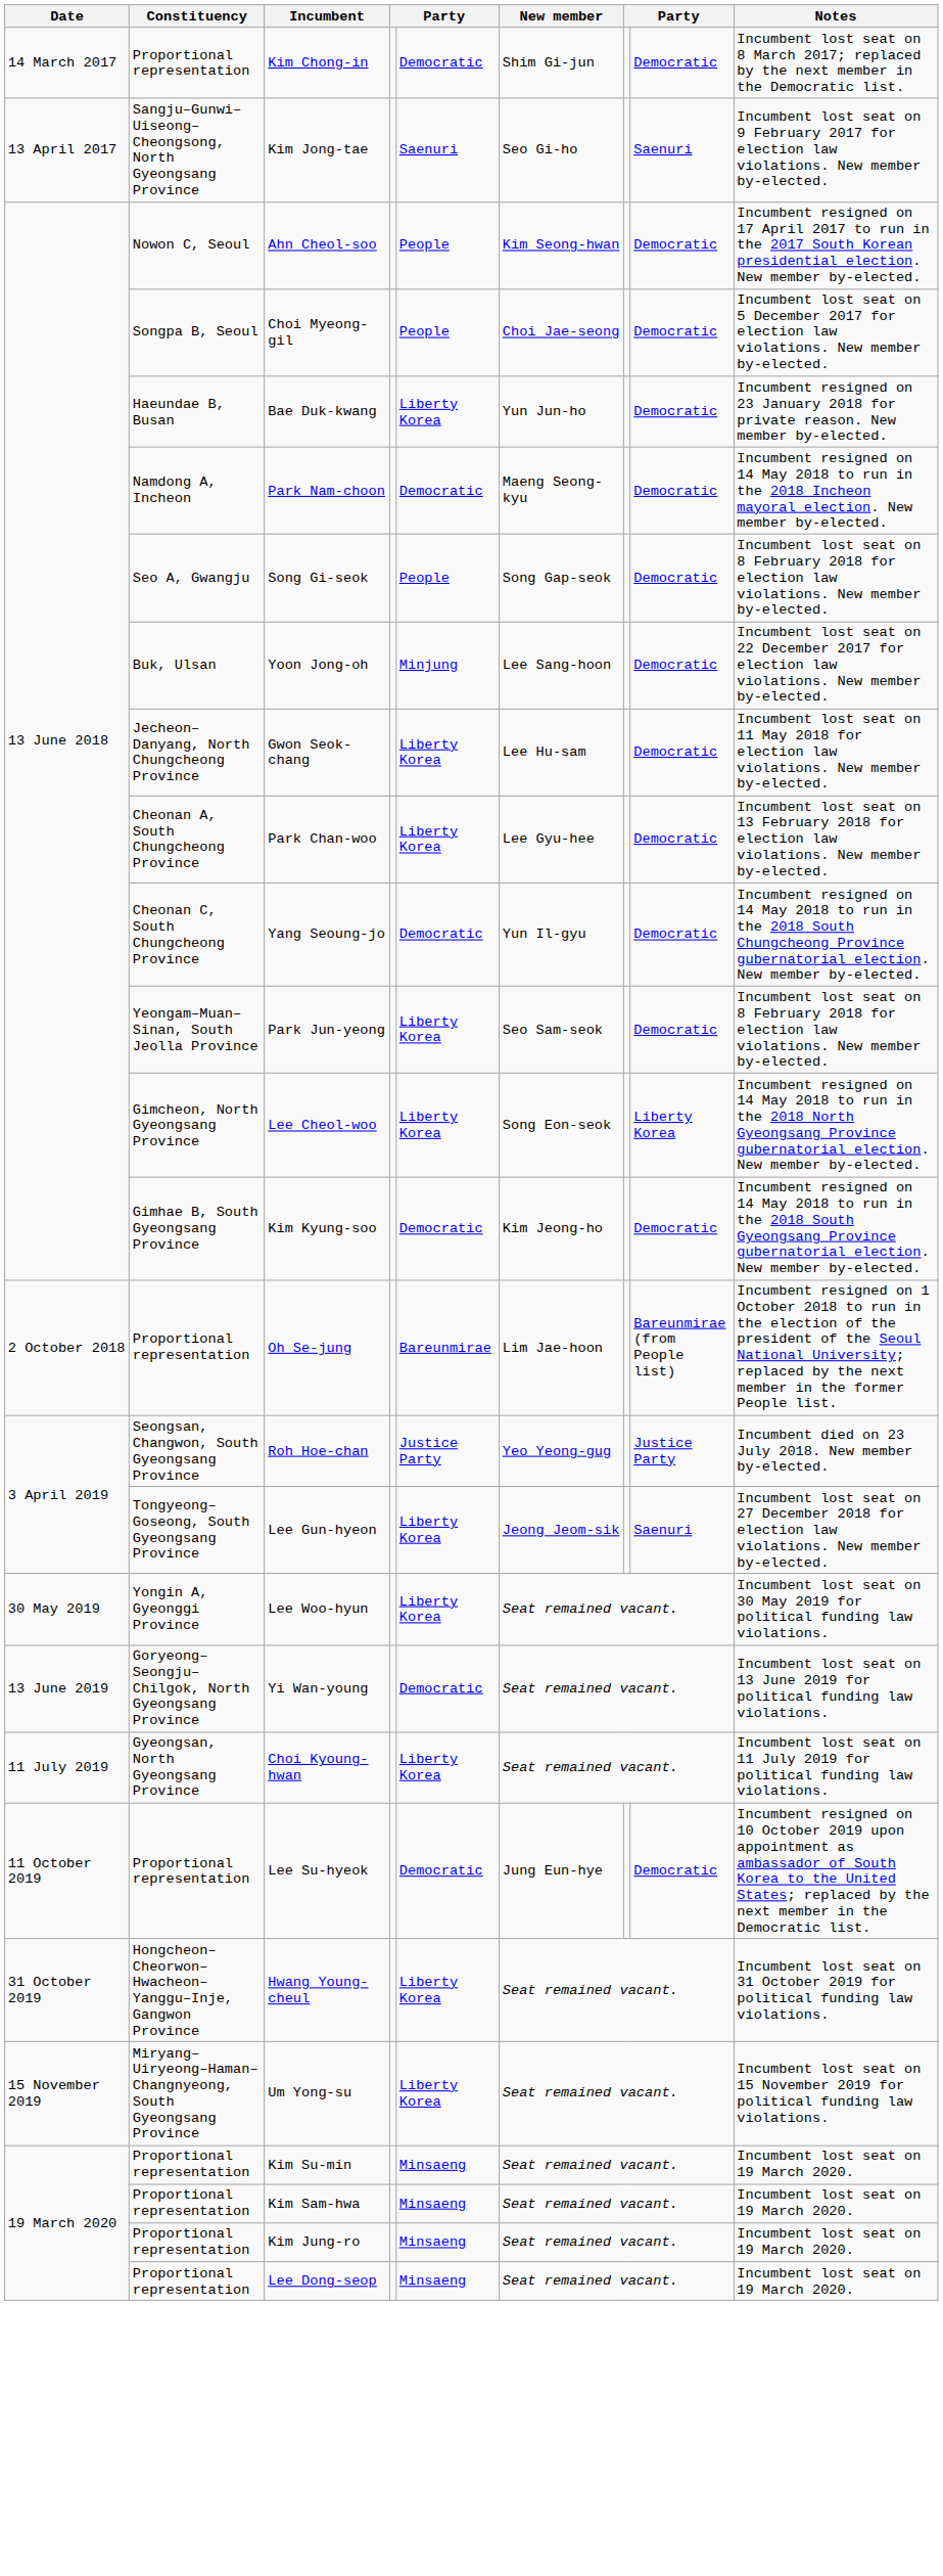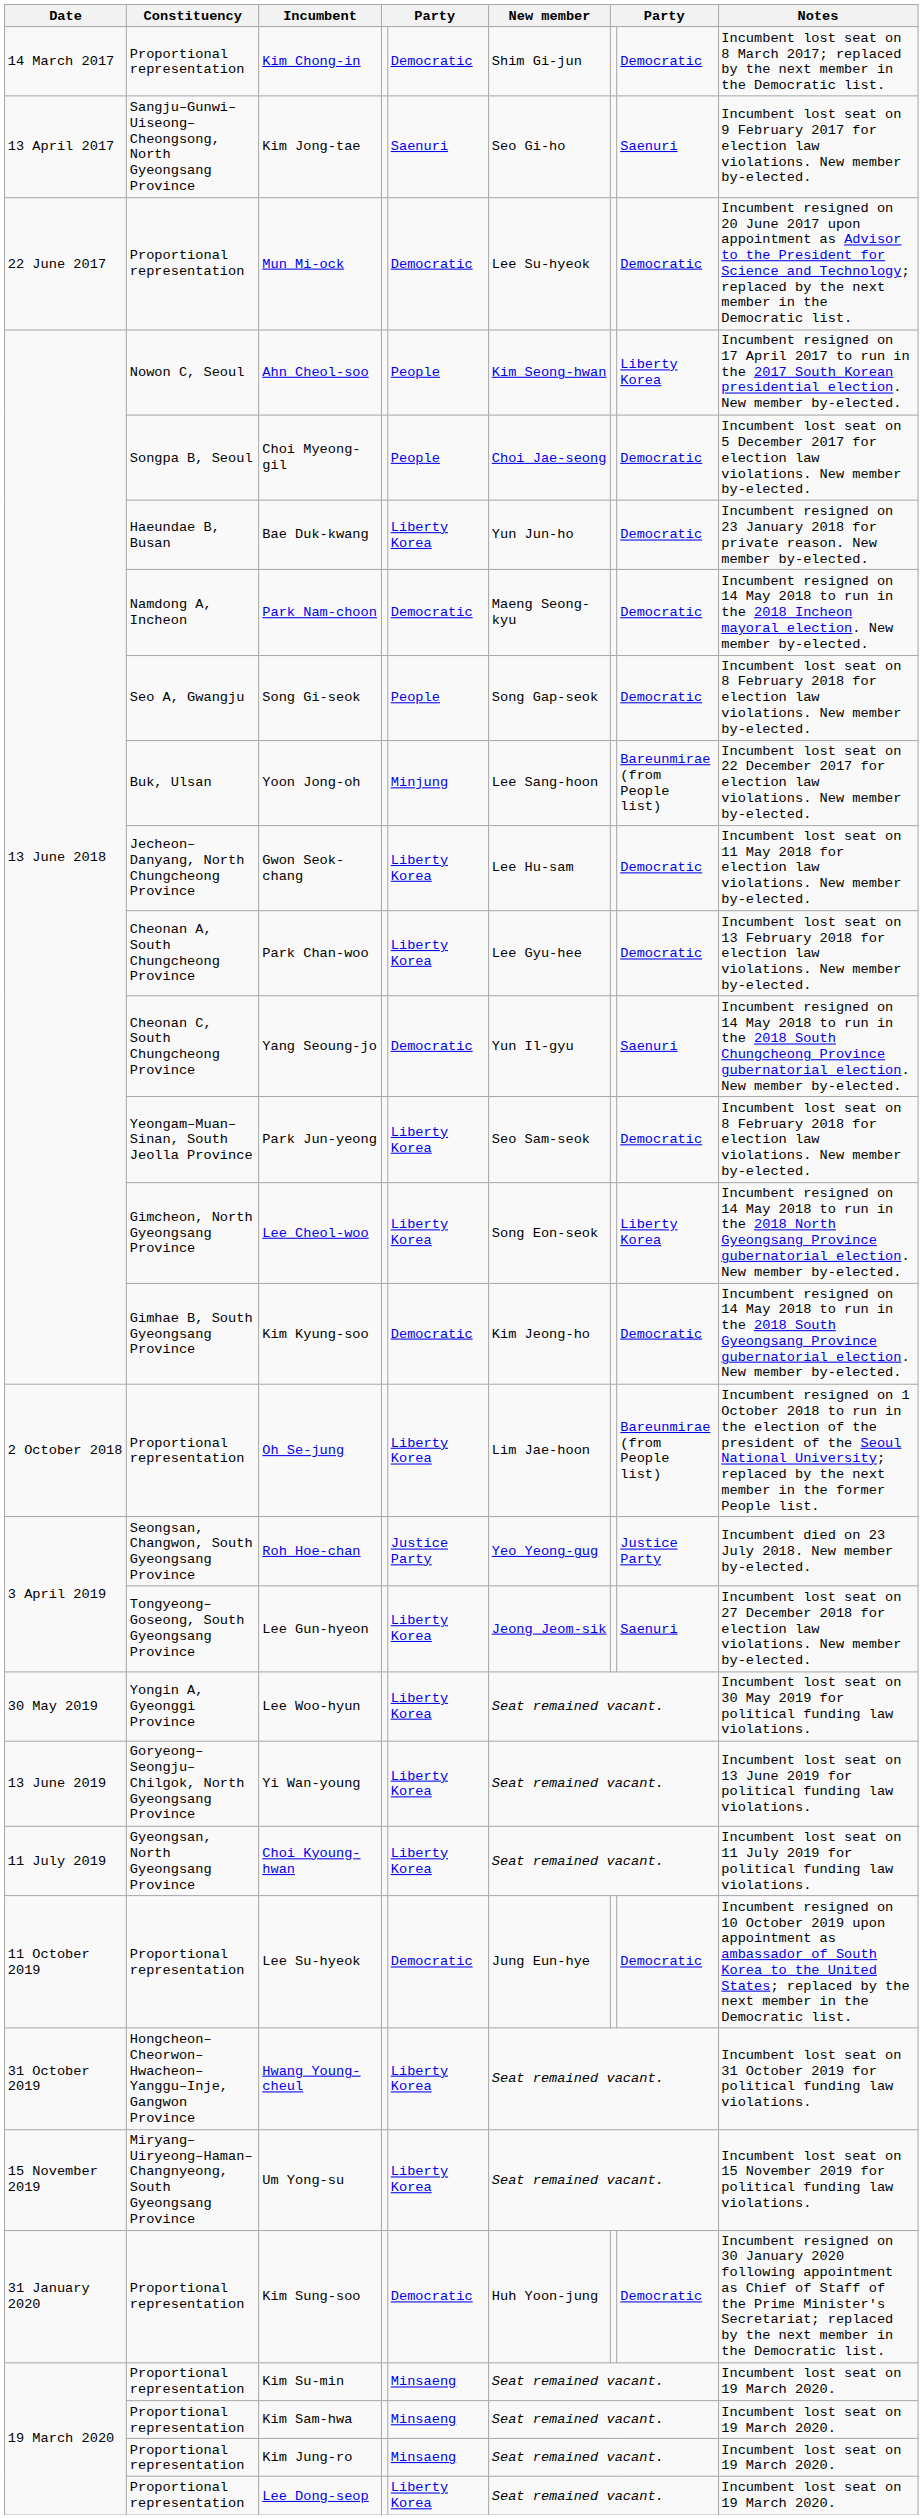 <table class="wikitable sortable plainrowheaders">
 <tr>
 <th width="110px">Date</th>
 <th width="120px">Constituency</th>
 <th width="110px">Incumbent</th>
 <th colspan="2">Party</th>
 <th width="110px">New member</th>
 <th colspan="2">Party</th>
 <th class="unsortable">Notes</th>
 </tr>
 <tr>
 <td>14 March 2017</td>
 <td>Proportional representation</td>
 <td><a href='#'>Kim Chong-in</a></td>
 <td style="background:"></td>
 <td><a href='#'>Democratic</a></td>
 <td>Shim Gi-jun</td>
 <td style="background:"></td>
 <td><a href='#'>Democratic</a></td>
 <td>Incumbent lost seat on 8 March 2017; replaced by the next member in the Democratic list.</td>
 </tr>
 <tr>
 <td>13 April 2017</td>
 <td>Sangju–Gunwi–Uiseong–Cheongsong, North Gyeongsang Province</td>
 <td>Kim Jong-tae</td>
 <td style="background:"></td>
 <td width="90px"><a href='#'>Saenuri</a></td>
 <td>Seo Gi-ho</td>
 <td style="background:"></td>
 <td width="90px"><a href='#'>Saenuri</a></td>
 <td>Incumbent lost seat on 9 February 2017 for election law violations. New member by-elected.</td>
 </tr>
 <tr>
+<td>22 June 2017</td>
+<td>Proportional representation</td>
+<td><a href='#'>Mun Mi-ock</a></td>
+<td style="background:"></td>
+<td><a href='#'>Democratic</a></td>
+<td>Lee Su-hyeok</td>
+<td style="background:"></td>
+<td><a href='#'>Democratic</a></td>
+<td>Incumbent resigned on 20 June 2017 upon appointment as <a href='#'>Advisor to the President for Science and Technology</a>; replaced by the next member in the Democratic list.</td>
+</tr>
+<tr>
 <td rowspan="12">13 June 2018</td>
 <td>Nowon C, Seoul</td>
 <td><a href='#'>Ahn Cheol-soo</a></td>
 <td style="background:"></td>
 <td><a href='#'>People</a></td>
 <td><a href='#'>Kim Seong-hwan</a></td>
 <td style="background:"></td>
-<td><a href='#'>Democratic</a></td>
+<td><a href='#'>Liberty Korea</a></td>
 <td>Incumbent resigned on 17 April 2017 to run in the <a href='#'>2017 South Korean presidential election</a>. New member by-elected.</td>
 </tr>
 <tr>
 <td>Songpa B, Seoul</td>
 <td>Choi Myeong-gil</td>
 <td style="background:"></td>
 <td><a href='#'>People</a></td>
 <td><a href='#'>Choi Jae-seong</a></td>
 <td style="background:"></td>
 <td><a href='#'>Democratic</a></td>
 <td>Incumbent lost seat on 5 December 2017 for election law violations. New member by-elected.</td>
 </tr>
 <tr>
 <td>Haeundae B, Busan</td>
 <td>Bae Duk-kwang</td>
 <td style="background:"></td>
 <td><a href='#'>Liberty Korea</a></td>
 <td>Yun Jun-ho</td>
 <td style="background:"></td>
 <td><a href='#'>Democratic</a></td>
 <td>Incumbent resigned on 23 January 2018 for private reason. New member by-elected.</td>
 </tr>
 <tr>
 <td>Namdong A, Incheon</td>
 <td><a href='#'>Park Nam-choon</a></td>
 <td style="background:"></td>
 <td><a href='#'>Democratic</a></td>
 <td>Maeng Seong-kyu</td>
 <td style="background:"></td>
 <td><a href='#'>Democratic</a></td>
 <td>Incumbent resigned on 14 May 2018 to run in the <a href='#'>2018 Incheon mayoral election</a>. New member by-elected.</td>
 </tr>
 <tr>
 <td>Seo A, Gwangju</td>
 <td>Song Gi-seok</td>
 <td style="background:"></td>
 <td><a href='#'>People</a></td>
 <td>Song Gap-seok</td>
 <td style="background:"></td>
 <td><a href='#'>Democratic</a></td>
 <td>Incumbent lost seat on 8 February 2018 for election law violations. New member by-elected.</td>
 </tr>
 <tr>
 <td>Buk, Ulsan</td>
 <td>Yoon Jong-oh</td>
 <td style="background:"></td>
 <td><a href='#'>Minjung</a></td>
 <td>Lee Sang-hoon</td>
 <td style="background:"></td>
-<td><a href='#'>Democratic</a></td>
+<td><a href='#'>Bareunmirae</a> (from People list)</td>
 <td>Incumbent lost seat on 22 December 2017 for election law violations. New member by-elected.</td>
 </tr>
 <tr>
 <td>Jecheon–Danyang, North Chungcheong Province</td>
 <td>Gwon Seok-chang</td>
 <td style="background:"></td>
 <td><a href='#'>Liberty Korea</a></td>
 <td>Lee Hu-sam</td>
 <td style="background:"></td>
 <td><a href='#'>Democratic</a></td>
 <td>Incumbent lost seat on 11 May 2018 for election law violations. New member by-elected.</td>
 </tr>
 <tr>
 <td>Cheonan A, South Chungcheong Province</td>
 <td>Park Chan-woo</td>
 <td style="background:"></td>
 <td><a href='#'>Liberty Korea</a></td>
 <td>Lee Gyu-hee</td>
 <td style="background:"></td>
 <td><a href='#'>Democratic</a></td>
 <td>Incumbent lost seat on 13 February 2018 for election law violations. New member by-elected.</td>
 </tr>
 <tr>
 <td>Cheonan C, South Chungcheong Province</td>
 <td>Yang Seoung-jo</td>
 <td style="background:"></td>
 <td><a href='#'>Democratic</a></td>
 <td>Yun Il-gyu</td>
 <td style="background:"></td>
-<td><a href='#'>Democratic</a></td>
+<td width="90px"><a href='#'>Saenuri</a></td>
 <td>Incumbent resigned on 14 May 2018 to run in the <a href='#'>2018 South Chungcheong Province gubernatorial election</a>. New member by-elected.</td>
 </tr>
 <tr>
 <td>Yeongam–Muan–Sinan, South Jeolla Province</td>
 <td>Park Jun-yeong</td>
 <td style="background:"></td>
 <td><a href='#'>Liberty Korea</a></td>
 <td>Seo Sam-seok</td>
 <td style="background:"></td>
 <td><a href='#'>Democratic</a></td>
 <td>Incumbent lost seat on 8 February 2018 for election law violations. New member by-elected.</td>
 </tr>
 <tr>
 <td>Gimcheon, North Gyeongsang Province</td>
 <td><a href='#'>Lee Cheol-woo</a></td>
 <td style="background:"></td>
 <td><a href='#'>Liberty Korea</a></td>
 <td>Song Eon-seok</td>
 <td style="background:"></td>
 <td><a href='#'>Liberty Korea</a></td>
 <td>Incumbent resigned on 14 May 2018 to run in the <a href='#'>2018 North Gyeongsang Province gubernatorial election</a>. New member by-elected.</td>
 </tr>
 <tr>
 <td>Gimhae B, South Gyeongsang Province</td>
 <td>Kim Kyung-soo</td>
 <td style="background:"></td>
 <td><a href='#'>Democratic</a></td>
 <td>Kim Jeong-ho</td>
 <td style="background:"></td>
 <td><a href='#'>Democratic</a></td>
 <td>Incumbent resigned on 14 May 2018 to run in the <a href='#'>2018 South Gyeongsang Province gubernatorial election</a>. New member by-elected.</td>
 </tr>
 <tr>
 <td>2 October 2018</td>
 <td>Proportional representation</td>
 <td><a href='#'>Oh Se-jung</a></td>
 <td style="background:"></td>
-<td><a href='#'>Bareunmirae</a></td>
+<td><a href='#'>Liberty Korea</a></td>
 <td>Lim Jae-hoon</td>
 <td style="background:"></td>
 <td><a href='#'>Bareunmirae</a> (from People list)</td>
 <td>Incumbent resigned on 1 October 2018 to run in the election of the president of the <a href='#'>Seoul National University</a>; replaced by the next member in the former People list.</td>
 </tr>
 <tr>
 <td rowspan="2">3 April 2019</td>
 <td>Seongsan, Changwon, South Gyeongsang Province</td>
 <td><a href='#'>Roh Hoe-chan</a></td>
 <td style="background:"></td>
 <td><a href='#'>Justice Party</a></td>
 <td><a href='#'>Yeo Yeong-gug</a></td>
 <td style="background:"></td>
 <td><a href='#'>Justice Party</a></td>
 <td>Incumbent died on 23 July 2018. New member by-elected.</td>
 </tr>
 <tr>
 <td>Tongyeong–Goseong, South Gyeongsang Province</td>
 <td>Lee Gun-hyeon</td>
 <td style="background:"></td>
 <td><a href='#'>Liberty Korea</a></td>
 <td><a href='#'>Jeong Jeom-sik</a></td>
 <td style="background:"></td>
 <td width="90px"><a href='#'>Saenuri</a></td>
 <td>Incumbent lost seat on 27 December 2018 for election law violations. New member by-elected.</td>
 </tr>
 <tr>
 <td>30 May 2019</td>
 <td>Yongin A, Gyeonggi Province</td>
 <td>Lee Woo-hyun</td>
 <td style="background:"></td>
 <td><a href='#'>Liberty Korea</a></td>
 <td colspan="3"><em>Seat remained vacant.</em></td>
 <td>Incumbent lost seat on 30 May 2019 for political funding law violations.</td>
 </tr>
 <tr>
 <td>13 June 2019</td>
 <td>Goryeong–Seongju–Chilgok, North Gyeongsang Province</td>
 <td>Yi Wan-young</td>
 <td style="background:"></td>
-<td><a href='#'>Democratic</a></td>
+<td><a href='#'>Liberty Korea</a></td>
 <td colspan="3"><em>Seat remained vacant.</em></td>
 <td>Incumbent lost seat on 13 June 2019 for political funding law violations.</td>
 </tr>
 <tr>
 <td>11 July 2019</td>
 <td>Gyeongsan, North Gyeongsang Province</td>
 <td><a href='#'>Choi Kyoung-hwan</a></td>
 <td style="background:"></td>
 <td><a href='#'>Liberty Korea</a></td>
 <td colspan="3"><em>Seat remained vacant.</em></td>
 <td>Incumbent lost seat on 11 July 2019 for political funding law violations.</td>
 </tr>
 <tr>
 <td>11 October 2019</td>
 <td>Proportional representation</td>
 <td>Lee Su-hyeok</td>
 <td style="background:"></td>
 <td><a href='#'>Democratic</a></td>
 <td>Jung Eun-hye</td>
 <td style="background:"></td>
 <td><a href='#'>Democratic</a></td>
 <td>Incumbent resigned on 10 October 2019 upon appointment as <a href='#'>ambassador of South Korea to the United States</a>; replaced by the next member in the Democratic list.</td>
 </tr>
 <tr>
 <td>31 October 2019</td>
 <td>Hongcheon–Cheorwon–Hwacheon–Yanggu–Inje, Gangwon Province</td>
 <td><a href='#'>Hwang Young-cheul</a></td>
 <td style="background:"></td>
 <td><a href='#'>Liberty Korea</a></td>
 <td colspan="3"><em>Seat remained vacant.</em></td>
 <td>Incumbent lost seat on 31 October 2019 for political funding law violations.</td>
 </tr>
 <tr>
 <td>15 November 2019</td>
 <td>Miryang–Uiryeong–Haman–Changnyeong, South Gyeongsang Province</td>
 <td>Um Yong-su</td>
 <td style="background:"></td>
 <td><a href='#'>Liberty Korea</a></td>
 <td colspan="3"><em>Seat remained vacant.</em></td>
 <td>Incumbent lost seat on 15 November 2019 for political funding law violations.</td>
 </tr>
 <tr>
+<td>31 January 2020</td>
+<td>Proportional representation</td>
+<td>Kim Sung-soo</td>
+<td style="background:"></td>
+<td><a href='#'>Democratic</a></td>
+<td>Huh Yoon-jung</td>
+<td style="background:"></td>
+<td><a href='#'>Democratic</a></td>
+<td>Incumbent resigned on 30 January 2020 following appointment as Chief of Staff of the Prime Minister's Secretariat; replaced by the next member in the Democratic list.</td>
+</tr>
+<tr>
 <td rowspan="4">19 March 2020</td>
 <td>Proportional representation</td>
 <td>Kim Su-min</td>
 <td style="background:"></td>
 <td><a href='#'>Minsaeng</a></td>
 <td colspan="3"><em>Seat remained vacant.</em></td>
 <td>Incumbent lost seat on 19 March 2020.</td>
 </tr>
 <tr>
 <td>Proportional representation</td>
 <td>Kim Sam-hwa</td>
 <td style="background:"></td>
 <td><a href='#'>Minsaeng</a></td>
 <td colspan="3"><em>Seat remained vacant.</em></td>
 <td>Incumbent lost seat on 19 March 2020.</td>
 </tr>
 <tr>
 <td>Proportional representation</td>
 <td>Kim Jung-ro</td>
 <td style="background:"></td>
 <td><a href='#'>Minsaeng</a></td>
 <td colspan="3"><em>Seat remained vacant.</em></td>
 <td>Incumbent lost seat on 19 March 2020.</td>
 </tr>
 <tr>
 <td>Proportional representation</td>
 <td><a href='#'>Lee Dong-seop</a></td>
 <td style="background:"></td>
-<td><a href='#'>Minsaeng</a></td>
+<td><a href='#'>Liberty Korea</a></td>
 <td colspan="3"><em>Seat remained vacant.</em></td>
 <td>Incumbent lost seat on 19 March 2020.</td>
 </tr>
 </table>
